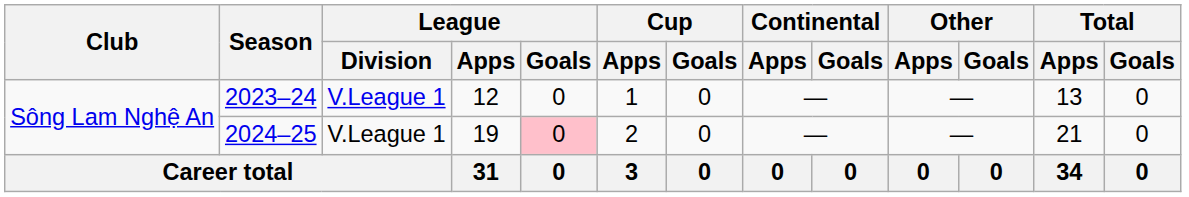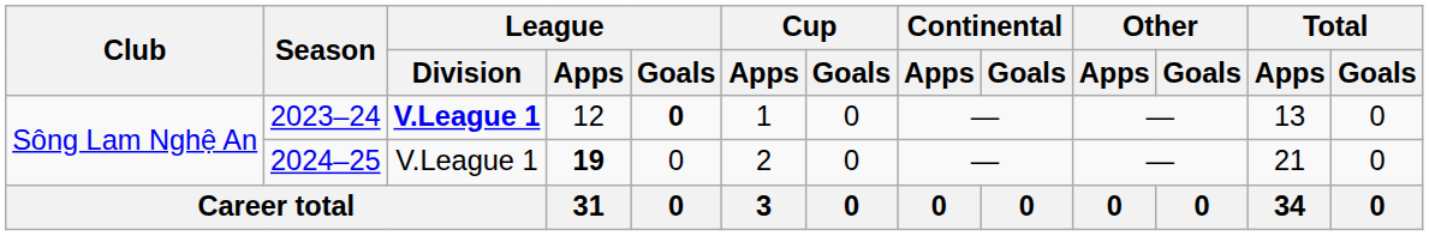 <table class="wikitable" style="text-align:center">
 <tr>
 <th rowspan="2">Club</th>
 <th rowspan="2">Season</th>
 <th colspan="3">League</th>
 <th colspan="2">Cup</th>
 <th colspan="2">Continental</th>
 <th colspan="2">Other</th>
 <th colspan="2">Total</th>
 </tr>
 <tr>
 <th>Division</th>
 <th>Apps</th>
 <th>Goals</th>
 <th>Apps</th>
 <th>Goals</th>
 <th>Apps</th>
 <th>Goals</th>
 <th>Apps</th>
 <th>Goals</th>
 <th>Apps</th>
 <th>Goals</th>
 </tr>
 <tr>
 <td rowspan="2"><a href='#'>Sông Lam Nghệ An</a></td>
 <td><a href='#'>2023–24</a></td>
-<td><a href='#'>V.League 1</a></td>
+<td><strong><a href='#'>V.League 1</a></strong></td>
 <td>12</td>
-<td>0</td>
+<td><strong>0</strong></td>
 <td>1</td>
 <td>0</td>
 <td colspan="2">—</td>
 <td colspan="2">—</td>
 <td>13</td>
 <td>0</td>
 </tr>
 <tr>
 <td><a href='#'>2024–25</a></td>
 <td>V.League 1</td>
-<td>19</td>
-<td style="background: pink;">0</td>
+<td><strong>19</strong></td>
+<td>0</td>
 <td>2</td>
 <td>0</td>
 <td colspan="2">—</td>
 <td colspan="2">—</td>
 <td>21</td>
 <td>0</td>
 </tr>
 <tr>
 <th colspan="3">Career total</th>
 <th>31</th>
 <th>0</th>
 <th>3</th>
 <th>0</th>
 <th>0</th>
 <th>0</th>
 <th>0</th>
 <th>0</th>
 <th>34</th>
 <th>0</th>
 </tr>
 </table>
